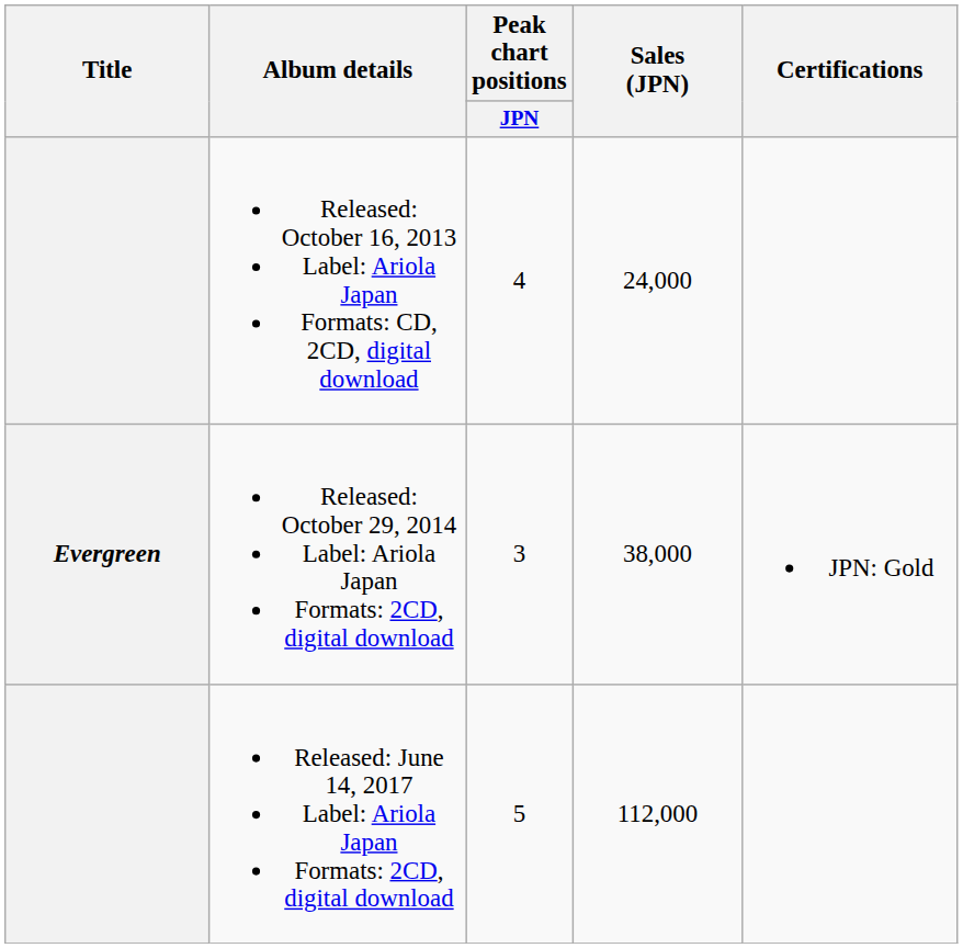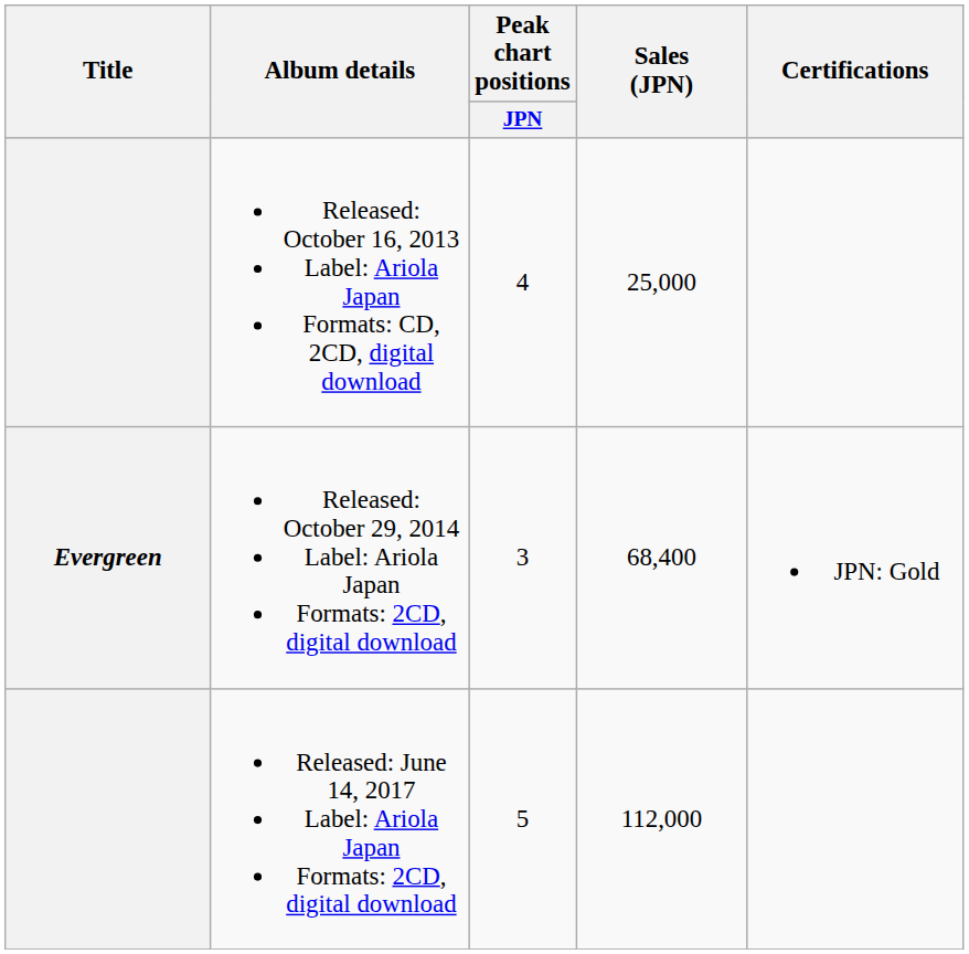 <table class="wikitable plainrowheaders" style="text-align:center;" border="1">
 <tr>
 <th scope="col" rowspan="2" style="width:15em;">Title</th>
 <th scope="col" rowspan="2" style="width:17em;">Album details</th>
 <th colspan="1">Peak chart positions</th>
 <th scope="col" rowspan="2" style="width:13em;">Sales<br>(JPN)<br></th>
 <th scope="col" rowspan="2" style="width:13em;">Certifications</th>
 </tr>
 <tr>
 <th style="width:3em;font-size:85%"><a href='#'>JPN</a><br></th>
 </tr>
 <tr>
 <th scope="row"></th>
 <td><br><ul><li>Released: October 16, 2013</li><li>Label: <a href='#'>Ariola Japan</a></li><li>Formats: CD, 2CD, <a href='#'>digital download</a></li></ul></td>
 <td>4</td>
-<td>24,000</td>
+<td>25,000</td>
 <td></td>
 </tr>
 <tr>
 <th scope="row"><em>Evergreen</em></th>
 <td><br><ul><li>Released: October 29, 2014</li><li>Label: Ariola Japan</li><li>Formats: <a href='#'>2CD</a>, <a href='#'>digital download</a></li></ul></td>
 <td>3</td>
-<td>38,000</td>
+<td>68,400</td>
 <td><br><ul><li>JPN: Gold</li></ul></td>
 </tr>
 <tr>
 <th scope="row"></th>
 <td><br><ul><li>Released: June 14, 2017</li><li>Label: <a href='#'>Ariola Japan</a></li><li>Formats: <a href='#'>2CD</a>, <a href='#'>digital download</a></li></ul></td>
 <td>5</td>
 <td>112,000</td>
 <td></td>
 </tr>
 </table>
